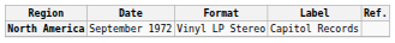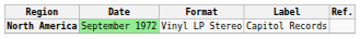 <table class="wikitable plainrowheaders">
 <tr>
 <th scope="col">Region</th>
 <th scope="col">Date</th>
 <th scope="col">Format</th>
 <th scope="col">Label</th>
 <th scope="col">Ref.</th>
 </tr>
 <tr>
 <th scope="row">North America</th>
-<td>September 1972</td>
+<td style="background: lightgreen;">September 1972</td>
 <td>Vinyl LP Stereo</td>
 <td>Capitol Records</td>
 <td></td>
 </tr>
 <tr>
 </tr>
 </table>
